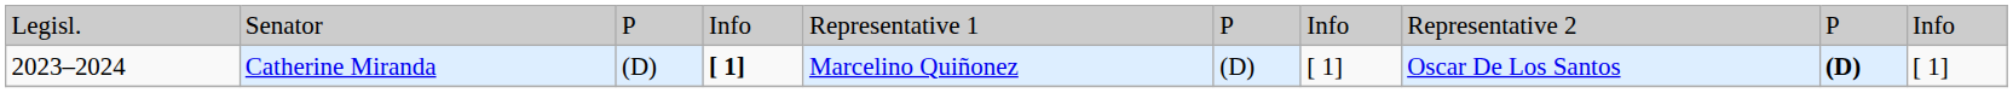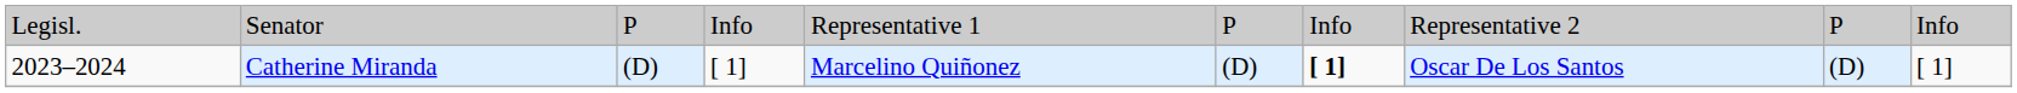 <table class=wikitable width="100%" border="1">
 <tr style="background-color:#cccccc;">
 <td>Legisl.</td>
 <td>Senator</td>
 <td>P</td>
 <td>Info</td>
 <td>Representative 1</td>
 <td>P</td>
 <td>Info</td>
 <td>Representative 2</td>
 <td>P</td>
 <td>Info</td>
 </tr>
 <tr>
 <td>2023–2024</td>
 <td style="background:#DDEEFF"><a href='#'>Catherine Miranda</a></td>
 <td style="background:#DDEEFF">(D)</td>
-<td><strong>[ 1]</strong></td>
+<td>[ 1]</td>
 <td style="background:#DDEEFF"><a href='#'>Marcelino Quiñonez</a></td>
 <td style="background:#DDEEFF">(D)</td>
-<td>[ 1]</td>
+<td><strong>[ 1]</strong></td>
 <td style="background:#DDEEFF"><a href='#'>Oscar De Los Santos</a></td>
-<td style="background:#DDEEFF"><strong>(D)</strong></td>
+<td style="background:#DDEEFF">(D)</td>
 <td>[ 1]</td>
 </tr>
 <tr>
 </tr>
 </table>
